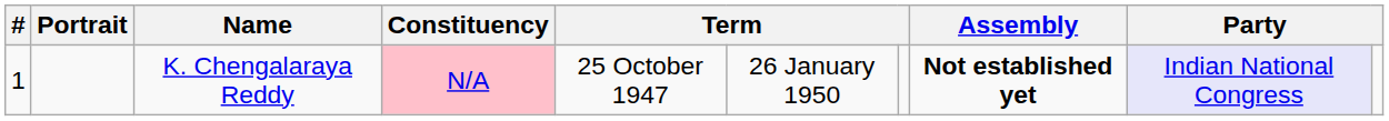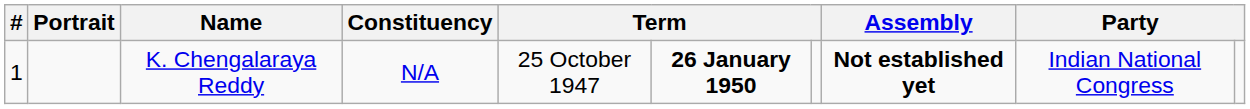 <table class="wikitable" style="text-align:center">
 <tr>
 <th scope="col">#</th>
 <th>Portrait</th>
 <th scope="col">Name</th>
 <th>Constituency</th>
 <th colspan="3" scope="col">Term<br></th>
 <th scope="col"><a href='#'>Assembly</a><br></th>
 <th colspan="2" scope="col">Party</th>
 </tr>
 <tr>
 <td>1</td>
 <td></td>
 <td><a href='#'>K. Chengalaraya Reddy</a></td>
-<td style="background: pink;"><a href='#'>N/A</a></td>
+<td><a href='#'>N/A</a></td>
 <td>25 October 1947</td>
-<td>26 January 1950</td>
+<td><strong>26 January 1950</strong></td>
 <td></td>
 <td><strong>Not established yet</strong></td>
-<td style="background: lavender;"><a href='#'>Indian National Congress</a></td>
+<td><a href='#'>Indian National Congress</a></td>
 <td style="background-color: "></td>
 </tr>
 </table>
